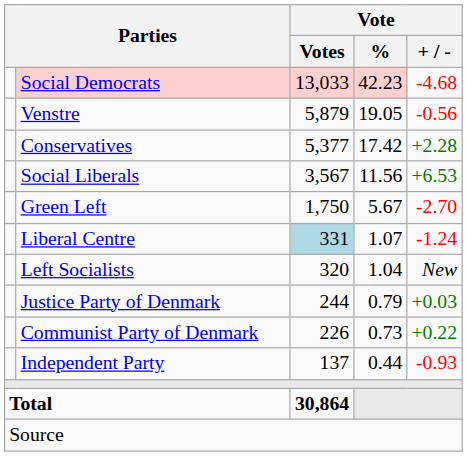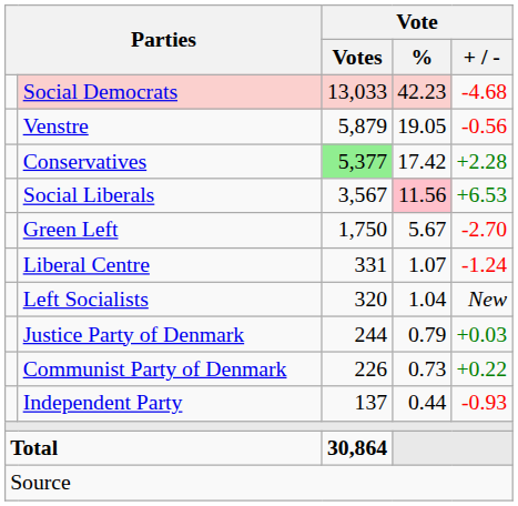 <table class="wikitable" style="text-align:right;">
 <tr>
 <th style="text-align:centre;" rowspan="2" colspan="2" width="225">Parties</th>
 <th colspan="3">Vote</th>
 </tr>
 <tr>
 <th width="15">Votes</th>
 <th width="15">%</th>
 <th width="15">+ / -</th>
 </tr>
 <tr>
 <td width="2" style="color:inherit;background:"></td>
 <td bgcolor=#fbd0ce  align="left"><a href='#'>Social Democrats</a></td>
 <td bgcolor=#fbd0ce>13,033</td>
 <td bgcolor=#fbd0ce>42.23</td>
 <td style=color:red;>-4.68</td>
 </tr>
 <tr>
 <td width="2" style="color:inherit;background:"></td>
 <td align="left"><a href='#'>Venstre</a></td>
 <td>5,879</td>
 <td>19.05</td>
 <td style=color:red;>-0.56</td>
 </tr>
 <tr>
 <td width="2" style="color:inherit;background:"></td>
 <td align="left"><a href='#'>Conservatives</a></td>
-<td>5,377</td>
+<td style="background: lightgreen;">5,377</td>
 <td>17.42</td>
 <td style=color:green;>+2.28</td>
 </tr>
 <tr>
 <td width="2" style="color:inherit;background:"></td>
 <td align="left"><a href='#'>Social Liberals</a></td>
 <td>3,567</td>
-<td>11.56</td>
+<td style="background: pink;">11.56</td>
 <td style=color:green;>+6.53</td>
 </tr>
 <tr>
 <td width="2" style="color:inherit;background:"></td>
 <td align="left"><a href='#'>Green Left</a></td>
 <td>1,750</td>
 <td>5.67</td>
 <td style=color:red;>-2.70</td>
 </tr>
 <tr>
 <td width="2" style="color:inherit;background:"></td>
 <td align="left"><a href='#'>Liberal Centre</a></td>
-<td style="background: lightblue;">331</td>
+<td>331</td>
 <td>1.07</td>
 <td style=color:red;>-1.24</td>
 </tr>
 <tr>
 <td width="2" style="color:inherit;background:"></td>
 <td align="left"><a href='#'>Left Socialists</a></td>
 <td>320</td>
 <td>1.04</td>
 <td><em>New</em></td>
 </tr>
 <tr>
 <td width="2" style="color:inherit;background:"></td>
 <td align="left"><a href='#'>Justice Party of Denmark</a></td>
 <td>244</td>
 <td>0.79</td>
 <td style=color:green;>+0.03</td>
 </tr>
 <tr>
 <td width="2" style="color:inherit;background:"></td>
 <td align="left"><a href='#'>Communist Party of Denmark</a></td>
 <td>226</td>
 <td>0.73</td>
 <td style=color:green;>+0.22</td>
 </tr>
 <tr>
 <td width="2" style="color:inherit;background:"></td>
 <td align="left"><a href='#'>Independent Party</a></td>
 <td>137</td>
 <td>0.44</td>
 <td style=color:red;>-0.93</td>
 </tr>
 <tr>
 <td colspan="7" bgcolor="#E9E9E9"></td>
 </tr>
 <tr>
 <td align="left" colspan="2"><strong>Total</strong></td>
 <td><strong>30,864</strong></td>
 <td bgcolor="#E9E9E9" colspan="2"></td>
 </tr>
 <tr>
 <td align="left" colspan="6">Source</td>
 </tr>
 </table>
